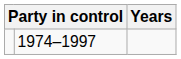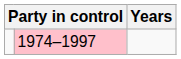 <table class="wikitable">
 <tr>
 <th colspan="2">Party in control</th>
 <th>Years</th>
 </tr>
 <tr>
 <td></td>
-<td>1974–1997</td>
+<td style="background: pink;">1974–1997</td>
 </tr>
 </table>
